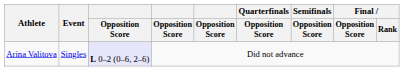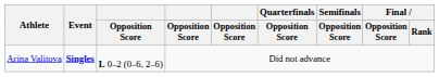 <table class=wikitable style="font-size:90%">
 <tr>
 <th rowspan="2">Athlete</th>
 <th rowspan="2">Event</th>
 <th></th>
 <th></th>
 <th></th>
 <th>Quarterfinals</th>
 <th>Semifinals</th>
 <th colspan=2>Final / </th>
 </tr>
 <tr style="font-size:95%">
 <th>Opposition<br>Score</th>
 <th>Opposition<br>Score</th>
 <th>Opposition<br>Score</th>
 <th>Opposition<br>Score</th>
 <th>Opposition<br>Score</th>
 <th>Opposition<br>Score</th>
 <th>Rank</th>
 </tr>
 <tr align=center>
 <td align=left><a href='#'>Arina Valitova</a></td>
-<td align=left><a href='#'>Singles</a></td>
-<td style="background: lavender;"><br><strong>L</strong> 0–2 (0–6, 2–6)</td>
+<td align=left><strong><a href='#'>Singles</a></strong></td>
+<td><br><strong>L</strong> 0–2 (0–6, 2–6)</td>
 <td align=center colspan=6>Did not advance</td>
 </tr>
 </table>
